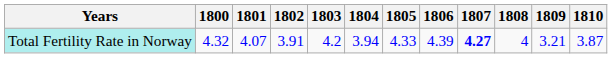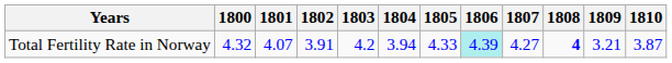 <table class="wikitable " style="text-align:right">
 <tr>
 <th>Years</th>
 <th>1800</th>
 <th>1801</th>
 <th>1802</th>
 <th>1803</th>
 <th>1804</th>
 <th>1805</th>
 <th>1806</th>
 <th>1807</th>
 <th>1808</th>
 <th>1809</th>
 <th>1810</th>
 </tr>
 <tr>
-<td align="left" style="background: paleturquoise;">Total Fertility Rate in Norway</td>
+<td align="left">Total Fertility Rate in Norway</td>
 <td style="text-align:right; color:blue;">4.32</td>
 <td style="text-align:right; color:blue;">4.07</td>
 <td style="text-align:right; color:blue;">3.91</td>
 <td style="text-align:right; color:blue;">4.2</td>
 <td style="text-align:right; color:blue;">3.94</td>
 <td style="text-align:right; color:blue;">4.33</td>
-<td style="text-align:right; color:blue;">4.39</td>
-<td style="text-align:right; color:blue;"><strong>4.27</strong></td>
-<td style="text-align:right; color:blue;">4</td>
+<td style="background: paleturquoise; text-align:right; color:blue;">4.39</td>
+<td style="text-align:right; color:blue;">4.27</td>
+<td style="text-align:right; color:blue;"><strong>4</strong></td>
 <td style="text-align:right; color:blue;">3.21</td>
 <td style="text-align:right; color:blue;">3.87</td>
 </tr>
 </table>
